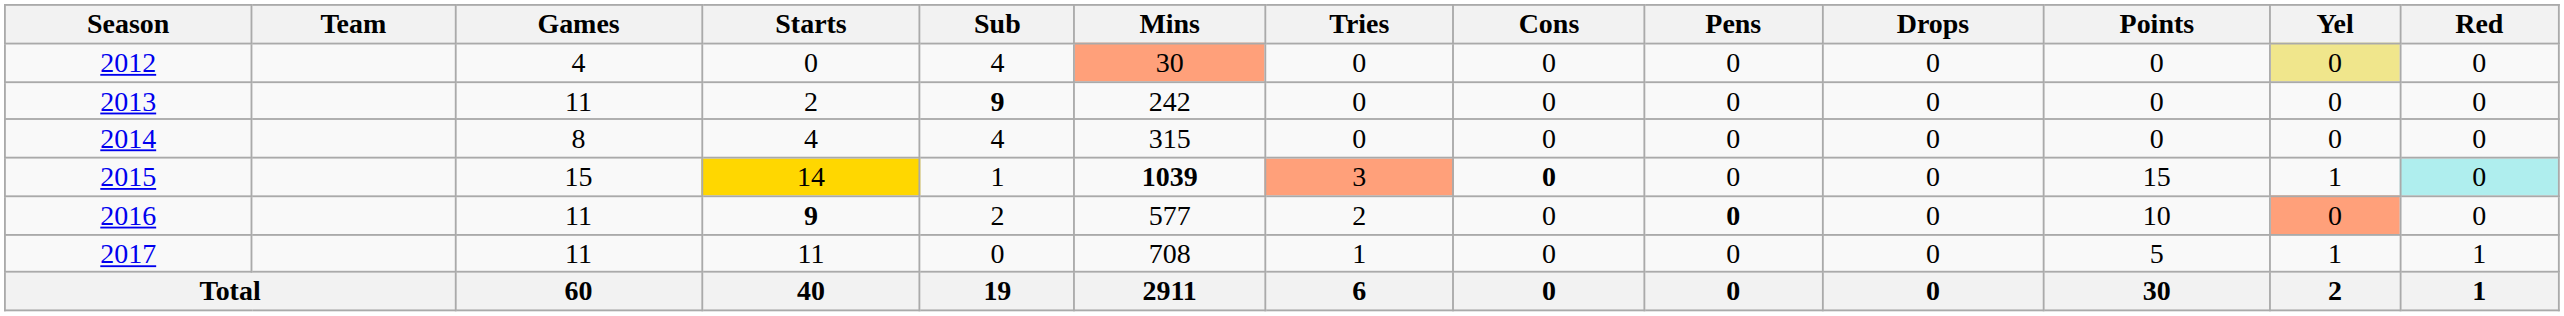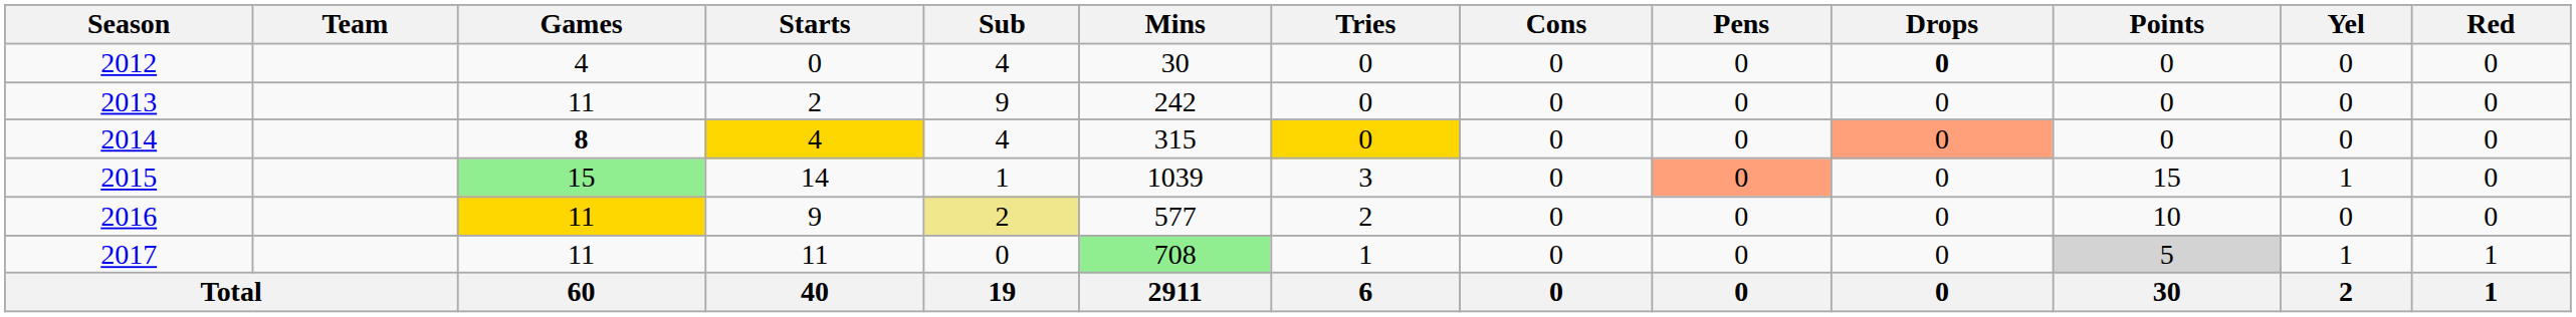 <table class="wikitable" style="text-align:center; line-height:90%; font-size:95%; width:70%;">
 <tr>
 <th>Season</th>
 <th>Team</th>
 <th>Games</th>
 <th>Starts</th>
 <th>Sub</th>
 <th>Mins</th>
 <th>Tries</th>
 <th>Cons</th>
 <th>Pens</th>
 <th>Drops</th>
 <th>Points</th>
 <th>Yel</th>
 <th>Red</th>
 </tr>
 <tr>
 <td><a href='#'>2012</a></td>
 <td></td>
 <td>4</td>
 <td>0</td>
 <td>4</td>
-<td style="background: lightsalmon;">30</td>
+<td>30</td>
 <td>0</td>
 <td>0</td>
 <td>0</td>
+<td><strong>0</strong></td>
 <td>0</td>
 <td>0</td>
-<td style="background: khaki;">0</td>
 <td>0</td>
 </tr>
 <tr>
 <td><a href='#'>2013</a></td>
 <td></td>
 <td>11</td>
 <td>2</td>
-<td><strong>9</strong></td>
+<td>9</td>
 <td>242</td>
 <td>0</td>
 <td>0</td>
 <td>0</td>
 <td>0</td>
 <td>0</td>
 <td>0</td>
 <td>0</td>
 </tr>
 <tr>
 <td><a href='#'>2014</a></td>
 <td></td>
-<td>8</td>
-<td>4</td>
+<td><strong>8</strong></td>
+<td style="background: gold;">4</td>
 <td>4</td>
 <td>315</td>
+<td style="background: gold;">0</td>
 <td>0</td>
 <td>0</td>
-<td>0</td>
-<td>0</td>
+<td style="background: lightsalmon;">0</td>
 <td>0</td>
 <td>0</td>
 <td>0</td>
 </tr>
 <tr>
 <td><a href='#'>2015</a></td>
 <td></td>
-<td>15</td>
-<td style="background: gold;">14</td>
+<td style="background: lightgreen;">15</td>
+<td>14</td>
 <td>1</td>
-<td><strong>1039</strong></td>
-<td style="background: lightsalmon;">3</td>
-<td><strong>0</strong></td>
+<td>1039</td>
+<td>3</td>
 <td>0</td>
+<td style="background: lightsalmon;">0</td>
 <td>0</td>
 <td>15</td>
 <td>1</td>
-<td style="background: paleturquoise;">0</td>
+<td>0</td>
 </tr>
 <tr>
 <td><a href='#'>2016</a></td>
 <td></td>
-<td>11</td>
-<td><strong>9</strong></td>
-<td>2</td>
+<td style="background: gold;">11</td>
+<td>9</td>
+<td style="background: khaki;">2</td>
 <td>577</td>
 <td>2</td>
 <td>0</td>
-<td><strong>0</strong></td>
+<td>0</td>
 <td>0</td>
 <td>10</td>
-<td style="background: lightsalmon;">0</td>
+<td>0</td>
 <td>0</td>
 </tr>
 <tr>
 <td><a href='#'>2017</a></td>
 <td></td>
 <td>11</td>
 <td>11</td>
 <td>0</td>
-<td>708</td>
+<td style="background: lightgreen;">708</td>
 <td>1</td>
 <td>0</td>
 <td>0</td>
 <td>0</td>
-<td>5</td>
+<td style="background: lightgrey;">5</td>
 <td>1</td>
 <td>1</td>
 </tr>
 <tr>
 <th colspan="2">Total</th>
 <th>60</th>
 <th>40</th>
 <th>19</th>
 <th>2911</th>
 <th>6</th>
 <th>0</th>
 <th>0</th>
 <th>0</th>
 <th>30</th>
 <th>2</th>
 <th>1</th>
 </tr>
 </table>
